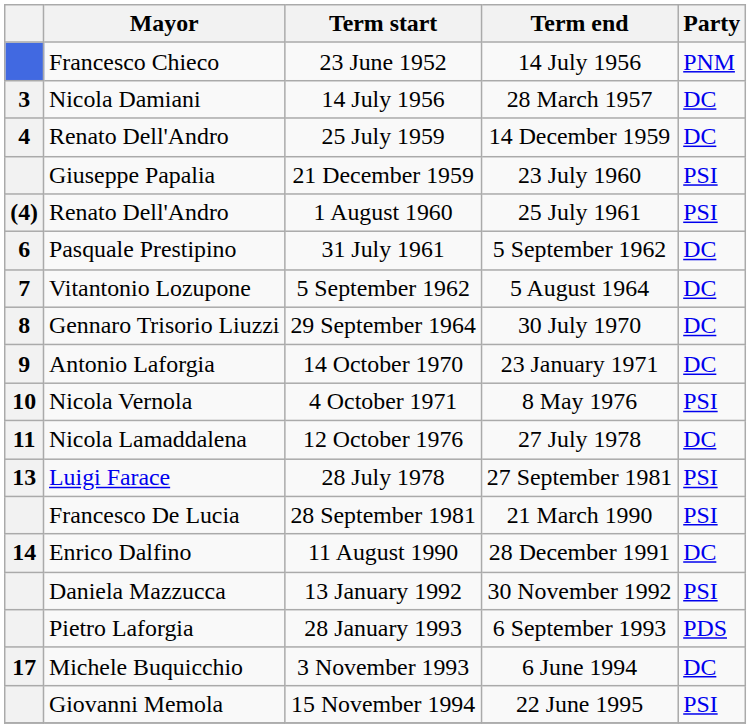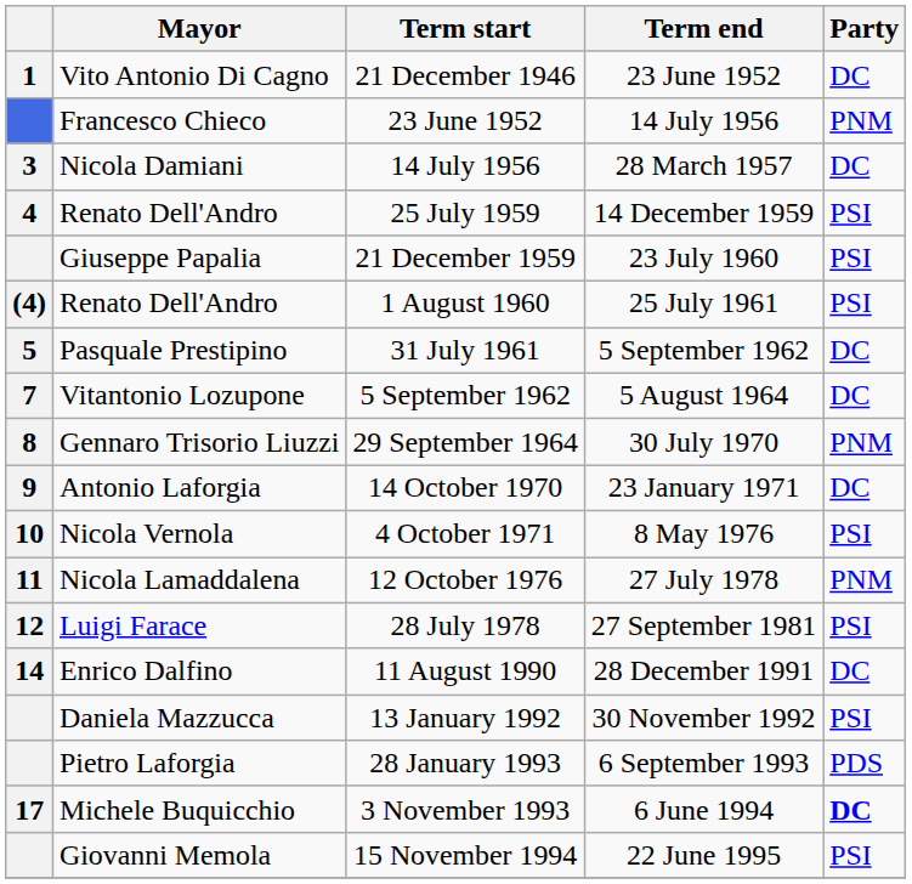 <table class="wikitable">
 <tr>
 <th class=unsortable> </th>
 <th>Mayor</th>
 <th>Term start</th>
 <th>Term end</th>
 <th>Party</th>
+</tr>
+<tr>
+<th style="background:">1</th>
+<td>Vito Antonio Di Cagno</td>
+<td align=center>21 December 1946</td>
+<td align=center>23 June 1952</td>
+<td><a href='#'>DC</a></td>
 </tr>
 <tr>
 <th style="background:#4169E1;"></th>
 <td>Francesco Chieco</td>
 <td align=center>23 June 1952</td>
 <td align=center>14 July 1956</td>
 <td><a href='#'>PNM</a></td>
 </tr>
 <tr>
 <th style="background:">3</th>
 <td>Nicola Damiani</td>
 <td align=center>14 July 1956</td>
 <td align=center>28 March 1957</td>
 <td><a href='#'>DC</a></td>
 </tr>
 <tr>
 <th style="background:">4</th>
 <td>Renato Dell'Andro</td>
 <td align=center>25 July 1959</td>
 <td align=center>14 December 1959</td>
-<td><a href='#'>DC</a></td>
+<td><a href='#'>PSI</a></td>
 </tr>
 <tr>
 <th style="background:"></th>
 <td>Giuseppe Papalia</td>
 <td align=center>21 December 1959</td>
 <td align=center>23 July 1960</td>
 <td><a href='#'>PSI</a></td>
 </tr>
 <tr>
 <th style="background:">(4)</th>
 <td>Renato Dell'Andro</td>
 <td align=center>1 August 1960</td>
 <td align=center>25 July 1961</td>
 <td><a href='#'>PSI</a></td>
 </tr>
 <tr>
-<th style="background:">6</th>
+<th style="background:">5</th>
 <td>Pasquale Prestipino</td>
 <td align=center>31 July 1961</td>
 <td align=center>5 September 1962</td>
 <td><a href='#'>DC</a></td>
 </tr>
 <tr>
 <th style="background:">7</th>
 <td>Vitantonio Lozupone</td>
 <td align=center>5 September 1962</td>
 <td align=center>5 August 1964</td>
 <td><a href='#'>DC</a></td>
 </tr>
 <tr>
 <th style="background:">8</th>
 <td>Gennaro Trisorio Liuzzi</td>
 <td align=center>29 September 1964</td>
 <td align=center>30 July 1970</td>
-<td><a href='#'>DC</a></td>
+<td><a href='#'>PNM</a></td>
 </tr>
 <tr>
 <th style="background:">9</th>
 <td>Antonio Laforgia</td>
 <td align=center>14 October 1970</td>
 <td align=center>23 January 1971</td>
 <td><a href='#'>DC</a></td>
 </tr>
 <tr>
 <th style="background:">10</th>
 <td>Nicola Vernola</td>
 <td align=center>4 October 1971</td>
 <td align=center>8 May 1976</td>
 <td><a href='#'>PSI</a></td>
 </tr>
 <tr>
 <th style="background:">11</th>
 <td>Nicola Lamaddalena</td>
 <td align=center>12 October 1976</td>
 <td align=center>27 July 1978</td>
-<td><a href='#'>DC</a></td>
+<td><a href='#'>PNM</a></td>
 </tr>
 <tr>
-<th style="background:">13</th>
+<th style="background:">12</th>
 <td><a href='#'>Luigi Farace</a></td>
 <td align=center>28 July 1978</td>
 <td align=center>27 September 1981</td>
-<td><a href='#'>PSI</a></td>
-</tr>
-<tr>
-<th style="background:"></th>
-<td>Francesco De Lucia</td>
-<td align=center>28 September 1981</td>
-<td align=center>21 March 1990</td>
 <td><a href='#'>PSI</a></td>
 </tr>
 <tr>
 <th style="background:">14</th>
 <td>Enrico Dalfino</td>
 <td align=center>11 August 1990</td>
 <td align=center>28 December 1991</td>
 <td><a href='#'>DC</a></td>
 </tr>
 <tr>
 <th style="background:"></th>
 <td>Daniela Mazzucca</td>
 <td align=center>13 January 1992</td>
 <td align=center>30 November 1992</td>
 <td><a href='#'>PSI</a></td>
 </tr>
 <tr>
 <th style="background:"></th>
 <td>Pietro Laforgia</td>
 <td align=center>28 January 1993</td>
 <td align=center>6 September 1993</td>
 <td><a href='#'>PDS</a></td>
 </tr>
 <tr>
 <th style="background:">17</th>
 <td>Michele Buquicchio</td>
 <td align=center>3 November 1993</td>
 <td align=center>6 June 1994</td>
-<td><a href='#'>DC</a></td>
+<td><strong><a href='#'>DC</a></strong></td>
 </tr>
 <tr>
 <th style="background:"></th>
 <td>Giovanni Memola</td>
 <td align=center>15 November 1994</td>
 <td align=center>22 June 1995</td>
 <td><a href='#'>PSI</a></td>
 </tr>
 <tr>
 </tr>
 </table>
